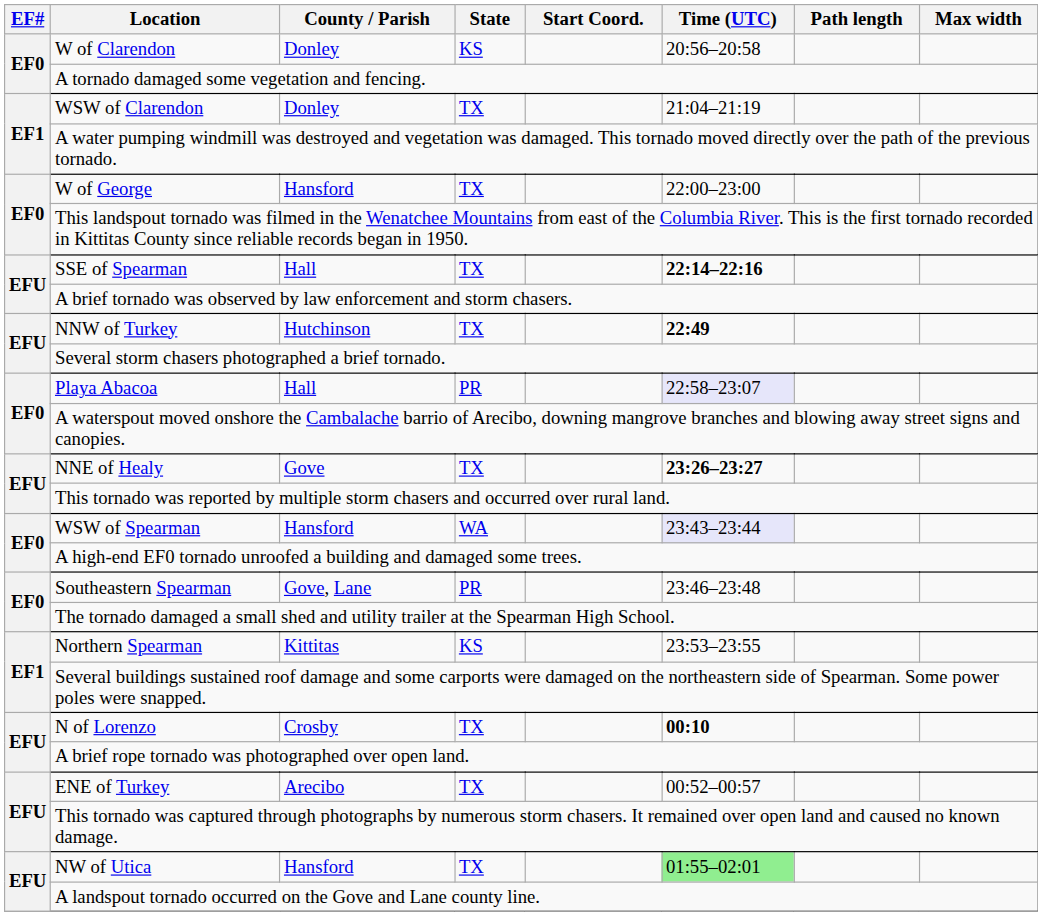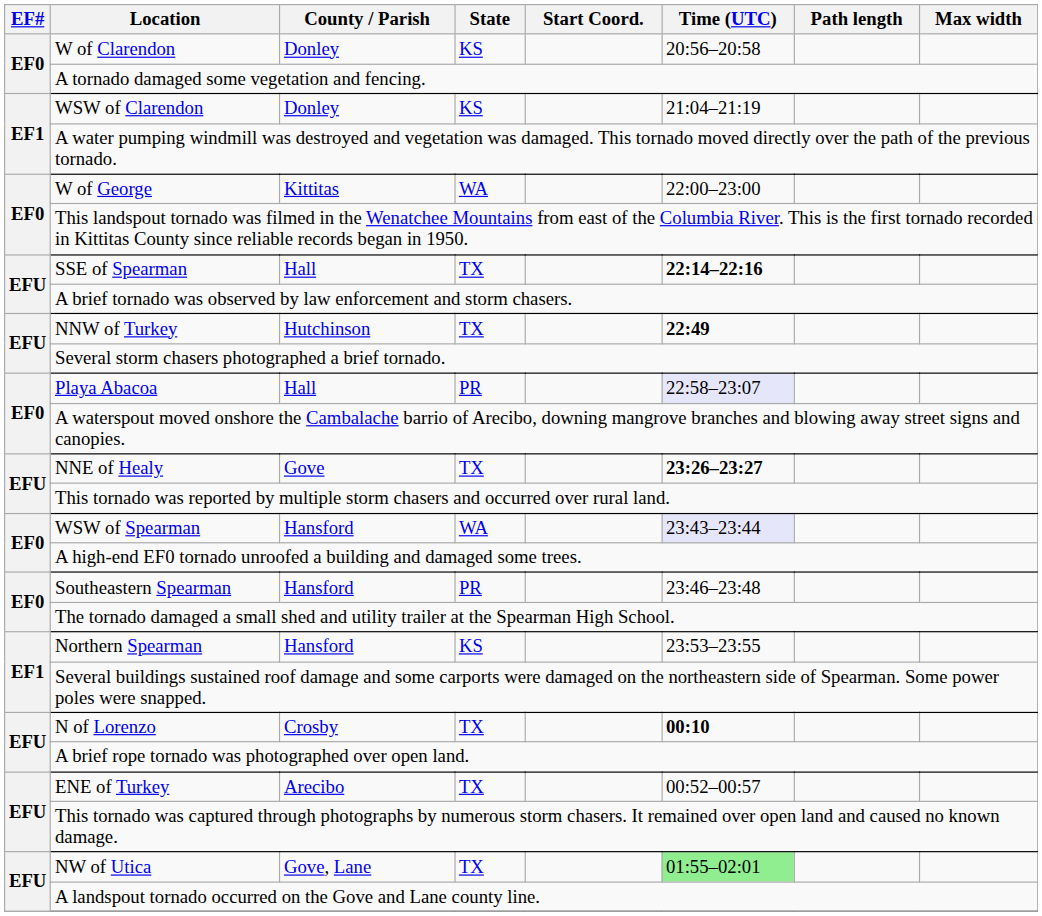 <table class="wikitable sortable" style="width:100%;">
 <tr>
 <th scope="col" width="2%" align="center"><a href='#'>EF#</a></th>
 <th scope="col" align="center" class="unsortable">Location</th>
 <th scope="col" align="center" class="unsortable">County / Parish</th>
 <th scope="col" align="center">State</th>
 <th scope="col" align="center">Start Coord.</th>
 <th scope="col" align="center">Time (<a href='#'>UTC</a>)</th>
 <th scope="col" align="center">Path length</th>
 <th scope="col" align="center">Max width</th>
 </tr>
 <tr>
 <th scope="row" rowspan="2" style="background-color:#">EF0</th>
 <td>W of <a href='#'>Clarendon</a></td>
 <td><a href='#'>Donley</a></td>
 <td><a href='#'>KS</a></td>
 <td></td>
 <td>20:56–20:58</td>
 <td></td>
 <td></td>
 </tr>
 <tr class="expand-child">
 <td colspan="8" style=" border-bottom: 1px solid black;">A tornado damaged some vegetation and fencing.</td>
 </tr>
 <tr>
 <th scope="row" rowspan="2" style="background-color:#">EF1</th>
 <td>WSW of <a href='#'>Clarendon</a></td>
 <td><a href='#'>Donley</a></td>
-<td><a href='#'>TX</a></td>
+<td><a href='#'>KS</a></td>
 <td></td>
 <td>21:04–21:19</td>
 <td></td>
 <td></td>
 </tr>
 <tr class="expand-child">
 <td colspan="8" style=" border-bottom: 1px solid black;">A water pumping windmill was destroyed and vegetation was damaged. This tornado moved directly over the path of the previous tornado.</td>
 </tr>
 <tr>
 <th scope="row" rowspan="2" style="background-color:#">EF0</th>
 <td>W of <a href='#'>George</a></td>
-<td><a href='#'>Hansford</a></td>
-<td><a href='#'>TX</a></td>
+<td><a href='#'>Kittitas</a></td>
+<td><a href='#'>WA</a></td>
 <td></td>
 <td>22:00–23:00</td>
 <td></td>
 <td></td>
 </tr>
 <tr class="expand-child">
 <td colspan="8" style=" border-bottom: 1px solid black;">This landspout tornado was filmed in the <a href='#'>Wenatchee Mountains</a> from east of the <a href='#'>Columbia River</a>. This is the first tornado recorded in Kittitas County since reliable records began in 1950.</td>
 </tr>
 <tr>
 <th scope="row" rowspan="2" style="background-color:#">EFU</th>
 <td>SSE of <a href='#'>Spearman</a></td>
 <td><a href='#'>Hall</a></td>
 <td><a href='#'>TX</a></td>
 <td></td>
 <td><strong>22:14–22:16</strong></td>
 <td></td>
 <td></td>
 </tr>
 <tr class="expand-child">
 <td colspan="8" style=" border-bottom: 1px solid black;">A brief tornado was observed by law enforcement and storm chasers.</td>
 </tr>
 <tr>
 <th scope="row" rowspan="2" style="background-color:#">EFU</th>
 <td>NNW of <a href='#'>Turkey</a></td>
 <td><a href='#'>Hutchinson</a></td>
 <td><a href='#'>TX</a></td>
 <td></td>
 <td><strong>22:49</strong></td>
 <td></td>
 <td></td>
 </tr>
 <tr class="expand-child">
 <td colspan="8" style=" border-bottom: 1px solid black;">Several storm chasers photographed a brief tornado.</td>
 </tr>
 <tr>
 <th scope="row" rowspan="2" style="background-color:#">EF0</th>
 <td><a href='#'>Playa Abacoa</a></td>
 <td><a href='#'>Hall</a></td>
 <td><a href='#'>PR</a></td>
 <td></td>
 <td style="background: lavender;">22:58–23:07</td>
 <td></td>
 <td></td>
 </tr>
 <tr class="expand-child">
 <td colspan="8" style=" border-bottom: 1px solid black;">A waterspout moved onshore the <a href='#'>Cambalache</a> barrio of Arecibo, downing mangrove branches and blowing away street signs and canopies.</td>
 </tr>
 <tr>
 <th scope="row" rowspan="2" style="background-color:#">EFU</th>
 <td>NNE of <a href='#'>Healy</a></td>
 <td><a href='#'>Gove</a></td>
 <td><a href='#'>TX</a></td>
 <td></td>
 <td><strong>23:26–23:27</strong></td>
 <td></td>
 <td></td>
 </tr>
 <tr class="expand-child">
 <td colspan="8" style=" border-bottom: 1px solid black;">This tornado was reported by multiple storm chasers and occurred over rural land.</td>
 </tr>
 <tr>
 <th scope="row" rowspan="2" style="background-color:#">EF0</th>
 <td>WSW of <a href='#'>Spearman</a></td>
 <td><a href='#'>Hansford</a></td>
 <td><a href='#'>WA</a></td>
 <td></td>
 <td style="background: lavender;">23:43–23:44</td>
 <td></td>
 <td></td>
 </tr>
 <tr class="expand-child">
 <td colspan="8" style=" border-bottom: 1px solid black;">A high-end EF0 tornado unroofed a building and damaged some trees.</td>
 </tr>
 <tr>
 <th scope="row" rowspan="2" style="background-color:#">EF0</th>
 <td>Southeastern <a href='#'>Spearman</a></td>
-<td><a href='#'>Gove</a>, <a href='#'>Lane</a></td>
+<td><a href='#'>Hansford</a></td>
 <td><a href='#'>PR</a></td>
 <td></td>
 <td>23:46–23:48</td>
 <td></td>
 <td></td>
 </tr>
 <tr class="expand-child">
 <td colspan="8" style=" border-bottom: 1px solid black;">The tornado damaged a small shed and utility trailer at the Spearman High School.</td>
 </tr>
 <tr>
 <th scope="row" rowspan="2" style="background-color:#">EF1</th>
 <td>Northern <a href='#'>Spearman</a></td>
-<td><a href='#'>Kittitas</a></td>
+<td><a href='#'>Hansford</a></td>
 <td><a href='#'>KS</a></td>
 <td></td>
 <td>23:53–23:55</td>
 <td></td>
 <td></td>
 </tr>
 <tr class="expand-child">
 <td colspan="8" style=" border-bottom: 1px solid black;">Several buildings sustained roof damage and some carports were damaged on the northeastern side of Spearman. Some power poles were snapped.</td>
 </tr>
 <tr>
 <th scope="row" rowspan="2" style="background-color:#">EFU</th>
 <td>N of <a href='#'>Lorenzo</a></td>
 <td><a href='#'>Crosby</a></td>
 <td><a href='#'>TX</a></td>
 <td></td>
 <td><strong>00:10</strong></td>
 <td></td>
 <td></td>
 </tr>
 <tr class="expand-child">
 <td colspan="8" style=" border-bottom: 1px solid black;">A brief rope tornado was photographed over open land.</td>
 </tr>
 <tr>
 <th scope="row" rowspan="2" style="background-color:#">EFU</th>
 <td>ENE of <a href='#'>Turkey</a></td>
 <td><a href='#'>Arecibo</a></td>
 <td><a href='#'>TX</a></td>
 <td></td>
 <td>00:52–00:57</td>
 <td></td>
 <td></td>
 </tr>
 <tr class="expand-child">
 <td colspan="8" style=" border-bottom: 1px solid black;">This tornado was captured through photographs by numerous storm chasers. It remained over open land and caused no known damage.</td>
 </tr>
 <tr>
 <th scope="row" rowspan="2" style="background-color:#">EFU</th>
 <td>NW of <a href='#'>Utica</a></td>
-<td><a href='#'>Hansford</a></td>
+<td><a href='#'>Gove</a>, <a href='#'>Lane</a></td>
 <td><a href='#'>TX</a></td>
 <td></td>
 <td style="background: lightgreen;">01:55–02:01</td>
 <td></td>
 <td></td>
 </tr>
 <tr class="expand-child">
 <td colspan="8" style=" border-bottom: 1px solid black;">A landspout tornado occurred on the Gove and Lane county line.</td>
 </tr>
 <tr>
 </tr>
 </table>
